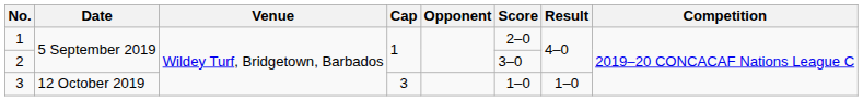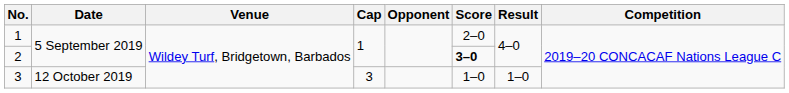 <table class="wikitable sortable plainrowheaders">
 <tr>
 <th scope=col>No.</th>
 <th scope=col>Date</th>
 <th scope=col>Venue</th>
 <th scope=col>Cap</th>
 <th scope=col>Opponent</th>
 <th scope=col>Score</th>
 <th scope=col>Result</th>
 <th scope=col>Competition</th>
 </tr>
 <tr>
 <td style="text-align:center">1</td>
 <td rowspan="2">5 September 2019</td>
 <td rowspan="3"><a href='#'>Wildey Turf</a>, Bridgetown, Barbados</td>
 <td rowspan="2">1</td>
 <td rowspan=2></td>
 <td align=center>2–0</td>
 <td rowspan="2">4–0</td>
 <td rowspan="3"><a href='#'>2019–20 CONCACAF Nations League C</a></td>
 </tr>
 <tr>
 <td style="text-align:center">2</td>
-<td>3–0</td>
+<td><strong>3–0</strong></td>
 </tr>
 <tr>
 <td style="text-align:center">3</td>
 <td>12 October 2019</td>
 <td style="text-align:center">3</td>
 <td></td>
 <td style="text-align:center">1–0</td>
 <td style="text-align:center">1–0</td>
 </tr>
 </table>
